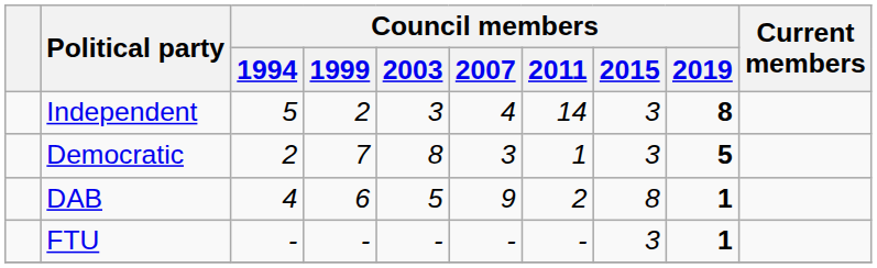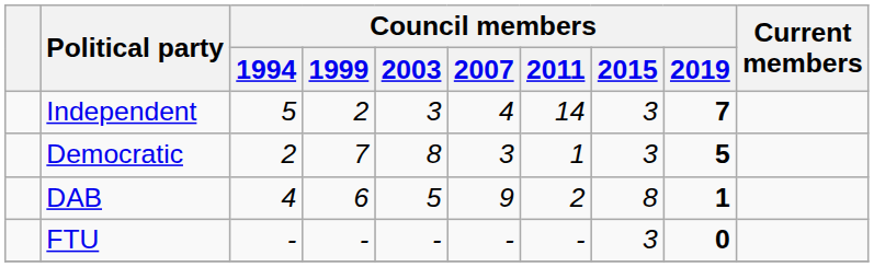 <table class="wikitable">
 <tr>
 <th rowspan="2">   </th>
 <th rowspan="2">Political party</th>
 <th colspan="7">Council members</th>
 <th colspan="23" rowspan="2">Current<br>members</th>
 </tr>
 <tr>
 <th><a href='#'>1994</a></th>
 <th><a href='#'>1999</a></th>
 <th><a href='#'>2003</a></th>
 <th><a href='#'>2007</a></th>
 <th><a href='#'>2011</a></th>
 <th><a href='#'>2015</a></th>
 <th><a href='#'>2019</a></th>
 </tr>
 <tr>
 <td bgcolor=> </td>
 <td><a href='#'>Independent</a></td>
 <td style="text-align: right"><em>5</em></td>
 <td style="text-align: right"><em>2</em></td>
 <td style="text-align: right"><em>3</em></td>
 <td style="text-align: right"><em>4</em></td>
 <td style="text-align: right"><em>14</em></td>
 <td style="text-align: right"><em>3</em></td>
-<td style="text-align: right"><strong>8</strong></td>
+<td style="text-align: right"><strong>7</strong></td>
 <td></td>
 </tr>
 <tr>
 <td bgcolor=> </td>
 <td><a href='#'>Democratic</a></td>
 <td style="text-align: right"><em>2</em></td>
 <td style="text-align: right"><em>7</em></td>
 <td style="text-align: right"><em>8</em></td>
 <td style="text-align: right"><em>3</em></td>
 <td style="text-align: right"><em>1</em></td>
 <td style="text-align: right"><em>3</em></td>
 <td style="text-align: right"><strong>5</strong></td>
 <td></td>
 </tr>
 <tr>
 <td bgcolor=> </td>
 <td><a href='#'>DAB</a></td>
 <td style="text-align: right"><em>4</em></td>
 <td style="text-align: right"><em>6</em></td>
 <td style="text-align: right"><em>5</em></td>
 <td style="text-align: right"><em>9</em></td>
 <td style="text-align: right"><em>2</em></td>
 <td style="text-align: right"><em>8</em></td>
 <td style="text-align: right"><strong>1</strong></td>
 <td></td>
 </tr>
 <tr>
 <td style="background-color:"> </td>
 <td><a href='#'>FTU</a></td>
 <td style="text-align: right"><em>-</em></td>
 <td style="text-align: right"><em>-</em></td>
 <td style="text-align: right"><em>-</em></td>
 <td style="text-align: right"><em>-</em></td>
 <td style="text-align: right"><em>-</em></td>
 <td style="text-align: right"><em>3</em></td>
-<td style="text-align: right"><strong>1</strong></td>
+<td style="text-align: right"><strong>0</strong></td>
 <td></td>
 </tr>
 <tr>
 </tr>
 </table>
